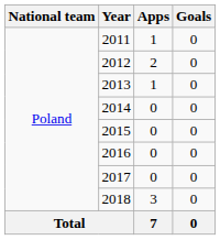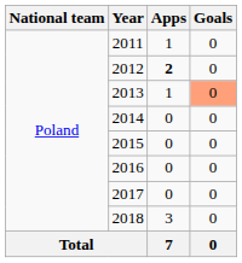 <table class="wikitable" style="text-align:center">
 <tr>
 <th>National team</th>
 <th>Year</th>
 <th>Apps</th>
 <th>Goals</th>
 </tr>
 <tr>
 <td rowspan="8"><a href='#'>Poland</a></td>
 <td>2011</td>
 <td>1</td>
 <td>0</td>
 </tr>
 <tr>
 <td>2012</td>
-<td>2</td>
+<td><strong>2</strong></td>
 <td>0</td>
 </tr>
 <tr>
 <td>2013</td>
 <td>1</td>
-<td>0</td>
+<td style="background: lightsalmon;">0</td>
 </tr>
 <tr>
 <td>2014</td>
 <td>0</td>
 <td>0</td>
 </tr>
 <tr>
 <td>2015</td>
 <td>0</td>
 <td>0</td>
 </tr>
 <tr>
 <td>2016</td>
 <td>0</td>
 <td>0</td>
 </tr>
 <tr>
 <td>2017</td>
 <td>0</td>
 <td>0</td>
 </tr>
 <tr>
 <td>2018</td>
 <td>3</td>
 <td>0</td>
 </tr>
 <tr>
 <th colspan="2">Total</th>
 <th>7</th>
 <th>0</th>
 </tr>
 </table>
